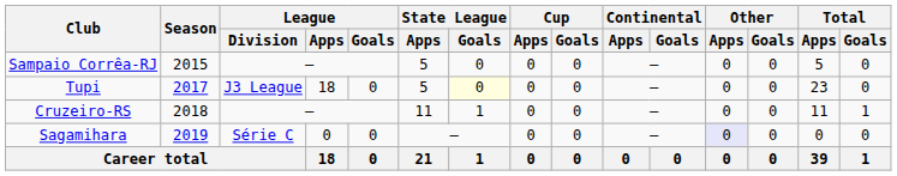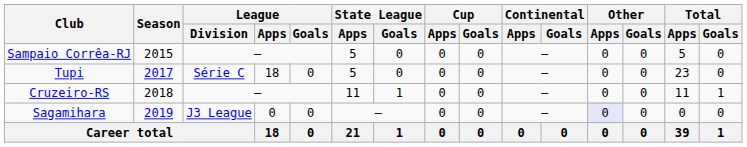 <table class="wikitable" style="text-align: center">
 <tr>
 <th rowspan="2">Club</th>
 <th rowspan="2">Season</th>
 <th colspan="3">League</th>
 <th colspan="2">State League</th>
 <th colspan="2">Cup</th>
 <th colspan="2">Continental</th>
 <th colspan="2">Other</th>
 <th colspan="2">Total</th>
 </tr>
 <tr>
 <th>Division</th>
 <th>Apps</th>
 <th>Goals</th>
 <th>Apps</th>
 <th>Goals</th>
 <th>Apps</th>
 <th>Goals</th>
 <th>Apps</th>
 <th>Goals</th>
 <th>Apps</th>
 <th>Goals</th>
 <th>Apps</th>
 <th>Goals</th>
 </tr>
 <tr>
 <td><a href='#'>Sampaio Corrêa-RJ</a></td>
 <td>2015</td>
 <td colspan="3">–</td>
 <td>5</td>
 <td>0</td>
 <td>0</td>
 <td>0</td>
 <td colspan="2">–</td>
 <td>0</td>
 <td>0</td>
 <td>5</td>
 <td>0</td>
 </tr>
 <tr>
 <td><a href='#'>Tupi</a></td>
 <td><a href='#'>2017</a></td>
-<td><a href='#'>J3 League</a></td>
+<td><a href='#'>Série C</a></td>
 <td>18</td>
 <td>0</td>
 <td>5</td>
-<td style="background: lightyellow;">0</td>
+<td>0</td>
 <td>0</td>
 <td>0</td>
 <td colspan="2">–</td>
 <td>0</td>
 <td>0</td>
 <td>23</td>
 <td>0</td>
 </tr>
 <tr>
 <td><a href='#'>Cruzeiro-RS</a></td>
 <td>2018</td>
 <td colspan="3">–</td>
 <td>11</td>
 <td>1</td>
 <td>0</td>
 <td>0</td>
 <td colspan="2">–</td>
 <td>0</td>
 <td>0</td>
 <td>11</td>
 <td>1</td>
 </tr>
 <tr>
 <td><a href='#'>Sagamihara</a></td>
 <td><a href='#'>2019</a></td>
-<td><a href='#'>Série C</a></td>
+<td><a href='#'>J3 League</a></td>
 <td>0</td>
 <td>0</td>
 <td colspan="2">–</td>
 <td>0</td>
 <td>0</td>
 <td colspan="2">–</td>
 <td style="background: lavender;">0</td>
 <td>0</td>
 <td>0</td>
 <td>0</td>
 </tr>
 <tr>
 <th colspan="3"><strong>Career total</strong></th>
 <th>18</th>
 <th>0</th>
 <th>21</th>
 <th>1</th>
 <th>0</th>
 <th>0</th>
 <th>0</th>
 <th>0</th>
 <th>0</th>
 <th>0</th>
 <th>39</th>
 <th>1</th>
 </tr>
 </table>
